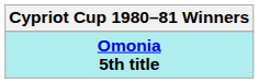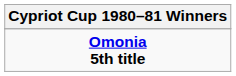 <table class="wikitable" style="text-align:center;margin: 0 auto;">
 <tr>
 <th>Cypriot Cup 1980–81 Winners</th>
 </tr>
 <tr>
 </tr>
 <tr>
-<td style="background: paleturquoise;"><strong><a href='#'>Omonia</a></strong><br><strong>5th title</strong></td>
+<td><strong><a href='#'>Omonia</a></strong><br><strong>5th title</strong></td>
 </tr>
 </table>
